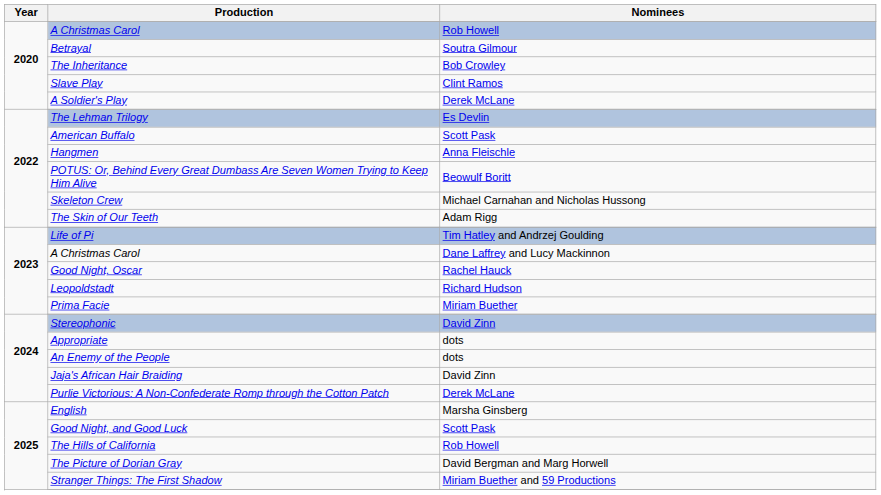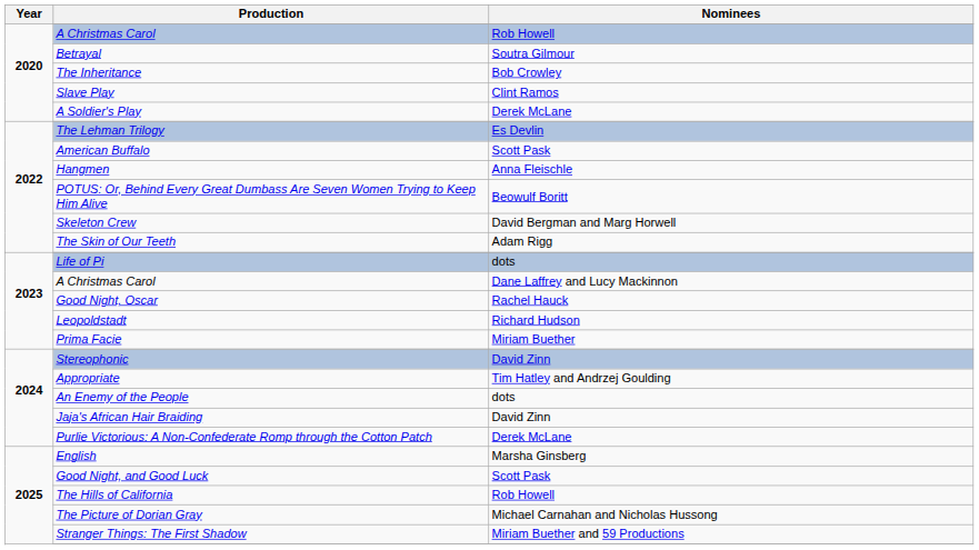 <table class="wikitable" style="width:100%;">
 <tr style="background:#bebebe;">
 <th style="width:5%;">Year</th>
 <th style="width:45%;”">Production</th>
 <th style="width:50%;”">Nominees</th>
 </tr>
 <tr>
 <td rowspan="6" align="center"><strong>2020</strong><br><br></td>
 </tr>
 <tr style="background:#B0C4DE">
 <td><em><a href='#'>A Christmas Carol</a></em></td>
 <td><a href='#'>Rob Howell</a></td>
 </tr>
 <tr>
 <td><em><a href='#'>Betrayal</a></em></td>
 <td><a href='#'>Soutra Gilmour</a></td>
 </tr>
 <tr>
 <td><em><a href='#'>The Inheritance</a></em></td>
 <td><a href='#'>Bob Crowley</a></td>
 </tr>
 <tr>
 <td><em><a href='#'>Slave Play</a></em></td>
 <td><a href='#'>Clint Ramos</a></td>
 </tr>
 <tr>
 <td><em><a href='#'>A Soldier's Play</a></em></td>
 <td><a href='#'>Derek McLane</a></td>
 </tr>
 <tr>
 <td rowspan="7" align="center"><strong>2022</strong><br><br></td>
 </tr>
 <tr style="background:#B0C4DE">
 <td><em><a href='#'>The Lehman Trilogy</a></em></td>
 <td><a href='#'>Es Devlin</a></td>
 </tr>
 <tr>
 <td><em><a href='#'>American Buffalo</a></em></td>
 <td><a href='#'>Scott Pask</a></td>
 </tr>
 <tr>
 <td><em><a href='#'>Hangmen</a></em></td>
 <td><a href='#'>Anna Fleischle</a></td>
 </tr>
 <tr>
 <td><em><a href='#'>POTUS: Or, Behind Every Great Dumbass Are Seven Women Trying to Keep Him Alive</a></em></td>
 <td><a href='#'>Beowulf Boritt</a></td>
 </tr>
 <tr>
 <td><em><a href='#'>Skeleton Crew</a></em></td>
-<td>Michael Carnahan and Nicholas Hussong</td>
+<td>David Bergman and Marg Horwell</td>
 </tr>
 <tr>
 <td><em><a href='#'>The Skin of Our Teeth</a></em></td>
 <td>Adam Rigg</td>
 </tr>
 <tr>
 <td rowspan="6" align="center"><strong>2023</strong><br><br></td>
 </tr>
 <tr style="background:#B0C4DE">
 <td><em><a href='#'>Life of Pi</a></em></td>
-<td><a href='#'>Tim Hatley</a> and Andrzej Goulding</td>
+<td>dots</td>
 </tr>
 <tr>
 <td><em>A Christmas Carol</em></td>
 <td><a href='#'>Dane Laffrey</a> and Lucy Mackinnon</td>
 </tr>
 <tr>
 <td><em><a href='#'>Good Night, Oscar</a></em></td>
 <td><a href='#'>Rachel Hauck</a></td>
 </tr>
 <tr>
 <td><em><a href='#'>Leopoldstadt</a></em></td>
 <td><a href='#'>Richard Hudson</a></td>
 </tr>
 <tr>
 <td><em><a href='#'>Prima Facie</a></em></td>
 <td><a href='#'>Miriam Buether</a></td>
 </tr>
 <tr>
 <td rowspan="6" align="center"><strong>2024</strong><br><br></td>
 </tr>
 <tr style="background:#B0C4DE">
 <td><em><a href='#'>Stereophonic</a></em></td>
 <td><a href='#'>David Zinn</a></td>
 </tr>
 <tr>
 <td><em><a href='#'>Appropriate</a></em></td>
-<td>dots</td>
+<td><a href='#'>Tim Hatley</a> and Andrzej Goulding</td>
 </tr>
 <tr>
 <td><em><a href='#'>An Enemy of the People</a></em></td>
 <td>dots</td>
 </tr>
 <tr>
 <td><em><a href='#'>Jaja's African Hair Braiding</a></em></td>
 <td>David Zinn</td>
 </tr>
 <tr>
 <td><em><a href='#'>Purlie Victorious: A Non-Confederate Romp through the Cotton Patch</a></em></td>
 <td><a href='#'>Derek McLane</a></td>
 </tr>
 <tr>
 <td rowspan="6" align="center"><strong>2025</strong><br></td>
 <td><em><a href='#'>English</a></em></td>
 <td>Marsha Ginsberg</td>
 </tr>
 <tr>
 <td><em><a href='#'>Good Night, and Good Luck</a></em></td>
 <td><a href='#'>Scott Pask</a></td>
 </tr>
 <tr>
 <td><em><a href='#'>The Hills of California</a></em></td>
 <td><a href='#'>Rob Howell</a></td>
 </tr>
 <tr>
 <td><em><a href='#'>The Picture of Dorian Gray</a></em></td>
-<td>David Bergman and Marg Horwell</td>
+<td>Michael Carnahan and Nicholas Hussong</td>
 </tr>
 <tr>
 <td><em><a href='#'>Stranger Things: The First Shadow</a></em></td>
 <td><a href='#'>Miriam Buether</a> and <a href='#'>59 Productions</a></td>
 </tr>
 <tr>
 </tr>
 </table>
